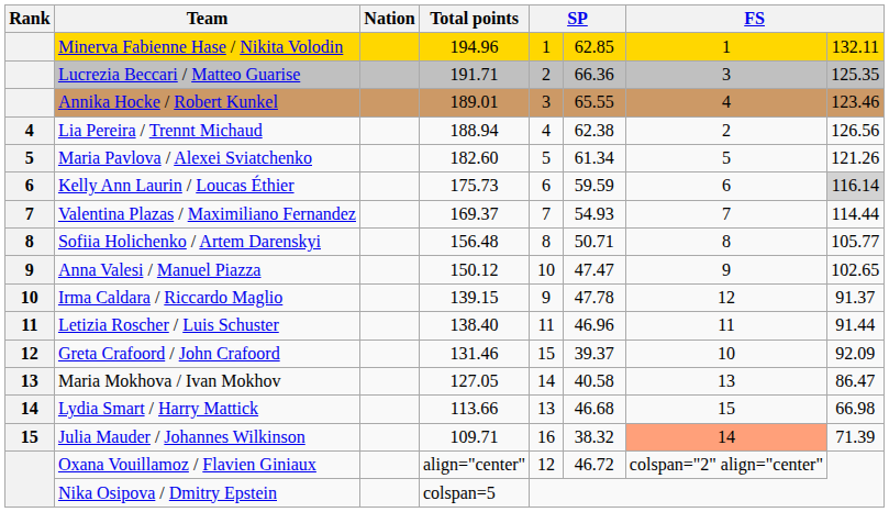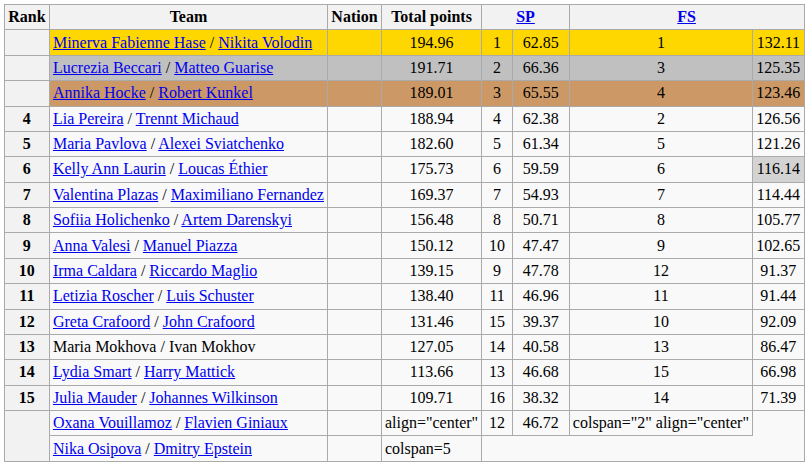 <table class="wikitable sortable" style="text-align:left">
 <tr>
 <th scope="col">Rank</th>
 <th scope="col">Team</th>
 <th scope="col">Nation</th>
 <th scope="col">Total points</th>
 <th scope="col" colspan="2" width="80px"><a href='#'>SP</a></th>
 <th scope="col" colspan="2" width="80px"><a href='#'>FS</a></th>
 </tr>
 <tr bgcolor="gold">
 <th scope="row"></th>
 <td><a href='#'>Minerva Fabienne Hase</a> / <a href='#'>Nikita Volodin</a></td>
 <td></td>
 <td align="center">194.96</td>
 <td align="center">1</td>
 <td align="center">62.85</td>
 <td align="center">1</td>
 <td align="center">132.11</td>
 </tr>
 <tr bgcolor="silver">
 <th scope="row"></th>
 <td><a href='#'>Lucrezia Beccari</a> / <a href='#'>Matteo Guarise</a></td>
 <td></td>
 <td align="center">191.71</td>
 <td align="center">2</td>
 <td align="center">66.36</td>
 <td align="center">3</td>
 <td align="center">125.35</td>
 </tr>
 <tr bgcolor="cc9966">
 <th scope="row"></th>
 <td><a href='#'>Annika Hocke</a> / <a href='#'>Robert Kunkel</a></td>
 <td></td>
 <td align="center">189.01</td>
 <td align="center">3</td>
 <td align="center">65.55</td>
 <td align="center">4</td>
 <td align="center">123.46</td>
 </tr>
 <tr>
 <th scope="row">4</th>
 <td><a href='#'>Lia Pereira</a> / <a href='#'>Trennt Michaud</a></td>
 <td></td>
 <td align="center">188.94</td>
 <td align="center">4</td>
 <td align="center">62.38</td>
 <td align="center">2</td>
 <td align="center">126.56</td>
 </tr>
 <tr>
 <th scope="row">5</th>
 <td><a href='#'>Maria Pavlova</a> / <a href='#'>Alexei Sviatchenko</a></td>
 <td></td>
 <td align="center">182.60</td>
 <td align="center">5</td>
 <td align="center">61.34</td>
 <td align="center">5</td>
 <td align="center">121.26</td>
 </tr>
 <tr>
 <th scope="row">6</th>
 <td><a href='#'>Kelly Ann Laurin</a> / <a href='#'>Loucas Éthier</a></td>
 <td></td>
 <td align="center">175.73</td>
 <td align="center">6</td>
 <td align="center">59.59</td>
 <td align="center">6</td>
 <td align="center" style="background: lightgrey;">116.14</td>
 </tr>
 <tr>
 <th scope="row">7</th>
 <td><a href='#'>Valentina Plazas</a> / <a href='#'>Maximiliano Fernandez</a></td>
 <td></td>
 <td align="center">169.37</td>
 <td align="center">7</td>
 <td align="center">54.93</td>
 <td align="center">7</td>
 <td align="center">114.44</td>
 </tr>
 <tr>
 <th scope="row">8</th>
 <td><a href='#'>Sofiia Holichenko</a> / <a href='#'>Artem Darenskyi</a></td>
 <td></td>
 <td align="center">156.48</td>
 <td align="center">8</td>
 <td align="center">50.71</td>
 <td align="center">8</td>
 <td align="center">105.77</td>
 </tr>
 <tr>
 <th scope="row">9</th>
 <td><a href='#'>Anna Valesi</a> / <a href='#'>Manuel Piazza</a></td>
 <td></td>
 <td align="center">150.12</td>
 <td align="center">10</td>
 <td align="center">47.47</td>
 <td align="center">9</td>
 <td align="center">102.65</td>
 </tr>
 <tr>
 <th scope="row">10</th>
 <td><a href='#'>Irma Caldara</a> / <a href='#'>Riccardo Maglio</a></td>
 <td></td>
 <td align="center">139.15</td>
 <td align="center">9</td>
 <td align="center">47.78</td>
 <td align="center">12</td>
 <td align="center">91.37</td>
 </tr>
 <tr>
 <th scope="row">11</th>
 <td><a href='#'>Letizia Roscher</a> / <a href='#'>Luis Schuster</a></td>
 <td></td>
 <td align="center">138.40</td>
 <td align="center">11</td>
 <td align="center">46.96</td>
 <td align="center">11</td>
 <td align="center">91.44</td>
 </tr>
 <tr>
 <th scope="row">12</th>
 <td><a href='#'>Greta Crafoord</a> / <a href='#'>John Crafoord</a></td>
 <td></td>
 <td align="center">131.46</td>
 <td align="center">15</td>
 <td align="center">39.37</td>
 <td align="center">10</td>
 <td align="center">92.09</td>
 </tr>
 <tr>
 <th scope="row">13</th>
 <td>Maria Mokhova / Ivan Mokhov</td>
 <td></td>
 <td align="center">127.05</td>
 <td align="center">14</td>
 <td align="center">40.58</td>
 <td align="center">13</td>
 <td align="center">86.47</td>
 </tr>
 <tr>
 <th scope="row">14</th>
 <td><a href='#'>Lydia Smart</a> / <a href='#'>Harry Mattick</a></td>
 <td></td>
 <td align="center">113.66</td>
 <td align="center">13</td>
 <td align="center">46.68</td>
 <td align="center">15</td>
 <td align="center">66.98</td>
 </tr>
 <tr>
 <th scope="row">15</th>
 <td><a href='#'>Julia Mauder</a> / <a href='#'>Johannes Wilkinson</a></td>
 <td></td>
 <td align="center">109.71</td>
 <td align="center">16</td>
 <td align="center">38.32</td>
-<td align="center" style="background: lightsalmon;">14</td>
+<td align="center">14</td>
 <td align="center">71.39</td>
 </tr>
 <tr>
 <th scope="row" rowspan="2"></th>
 <td><a href='#'>Oxana Vouillamoz</a> / <a href='#'>Flavien Giniaux</a></td>
 <td></td>
 <td>align="center" </td>
 <td align="center">12</td>
 <td align="center">46.72</td>
 <td>colspan="2" align="center" </td>
 </tr>
 <tr>
 <td><a href='#'>Nika Osipova</a> / <a href='#'>Dmitry Epstein</a></td>
 <td></td>
 <td>colspan=5 </td>
 </tr>
 </table>
